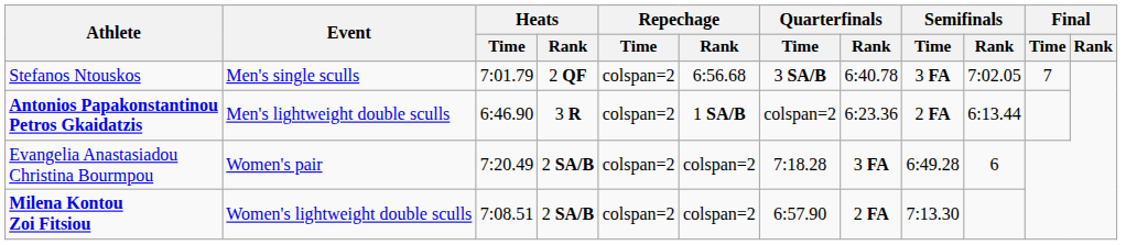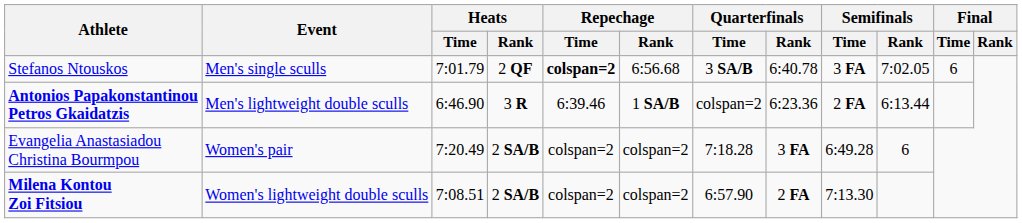 <table class=wikitable style=font-size:90%;text-align:center>
 <tr>
 <th rowspan=2>Athlete</th>
 <th rowspan=2>Event</th>
 <th colspan=2>Heats</th>
 <th colspan=2>Repechage</th>
 <th colspan=2>Quarterfinals</th>
 <th colspan=2>Semifinals</th>
 <th colspan=2>Final</th>
 </tr>
 <tr style=font-size:95%>
 <th>Time</th>
 <th>Rank</th>
 <th>Time</th>
 <th>Rank</th>
 <th>Time</th>
 <th>Rank</th>
 <th>Time</th>
 <th>Rank</th>
 <th>Time</th>
 <th>Rank</th>
 </tr>
 <tr>
 <td align=left><a href='#'>Stefanos Ntouskos</a></td>
 <td align=left><a href='#'>Men's single sculls</a></td>
 <td>7:01.79</td>
 <td>2 <strong>QF</strong></td>
-<td>colspan=2 </td>
+<td><strong>colspan=2 </strong></td>
 <td>6:56.68</td>
 <td>3 <strong>SA/B</strong></td>
 <td>6:40.78</td>
 <td>3 <strong>FA</strong></td>
 <td>7:02.05</td>
-<td>7</td>
+<td>6</td>
 </tr>
 <tr>
 <td align=left><strong><a href='#'>Antonios Papakonstantinou</a></strong><br><strong><a href='#'>Petros Gkaidatzis</a></strong></td>
 <td align=left><a href='#'>Men's lightweight double sculls</a></td>
 <td>6:46.90</td>
 <td>3 <strong>R</strong></td>
-<td>colspan=2 </td>
+<td>6:39.46</td>
 <td>1 <strong>SA/B</strong></td>
 <td>colspan=2 </td>
 <td>6:23.36</td>
 <td>2 <strong>FA</strong></td>
 <td>6:13.44</td>
 <td></td>
 </tr>
 <tr>
 <td align=left><a href='#'>Evangelia Anastasiadou</a><br><a href='#'>Christina Bourmpou</a></td>
 <td align=left><a href='#'>Women's pair</a></td>
 <td>7:20.49</td>
 <td>2 <strong>SA/B</strong></td>
 <td>colspan=2 </td>
 <td>colspan=2 </td>
 <td>7:18.28</td>
 <td>3 <strong>FA</strong></td>
 <td>6:49.28</td>
 <td>6</td>
 </tr>
 <tr>
 <td align=left><strong><a href='#'>Milena Kontou</a></strong><br><strong><a href='#'>Zoi Fitsiou</a></strong></td>
 <td align=left><a href='#'>Women's lightweight double sculls</a></td>
 <td>7:08.51</td>
 <td>2 <strong>SA/B</strong></td>
 <td>colspan=2 </td>
 <td>colspan=2 </td>
 <td>6:57.90</td>
 <td>2 <strong>FA</strong></td>
 <td>7:13.30</td>
 <td></td>
 </tr>
 </table>
